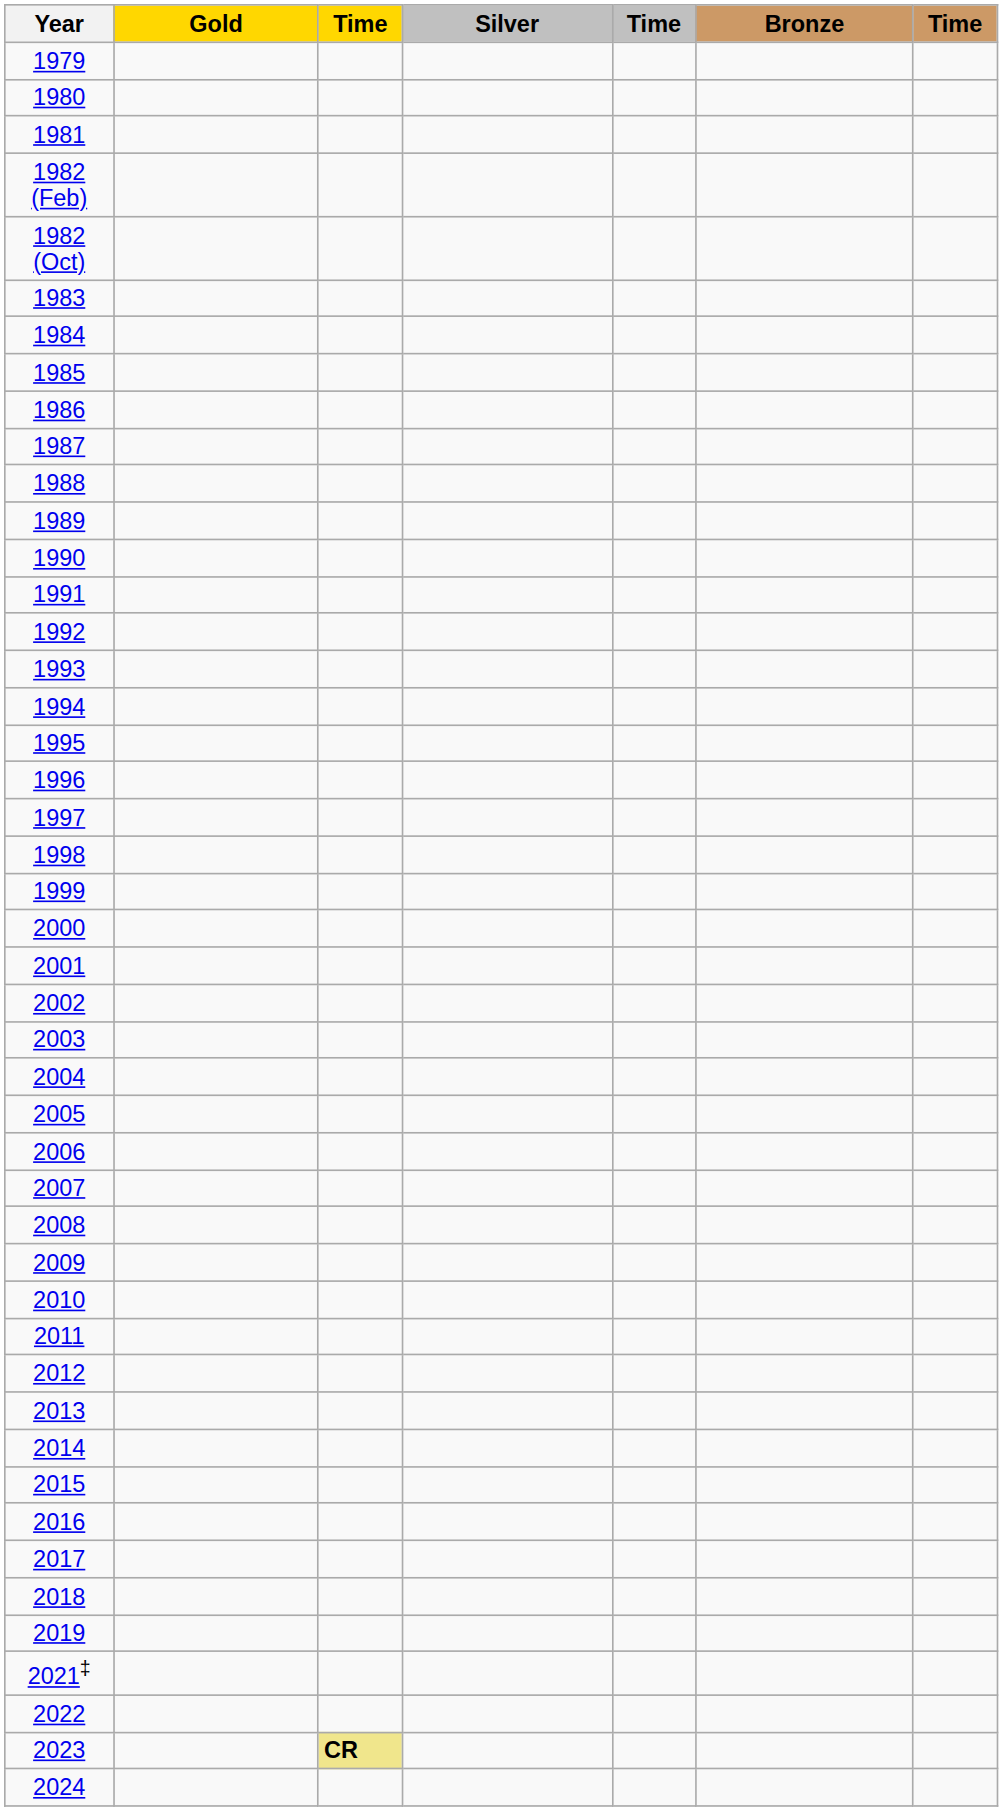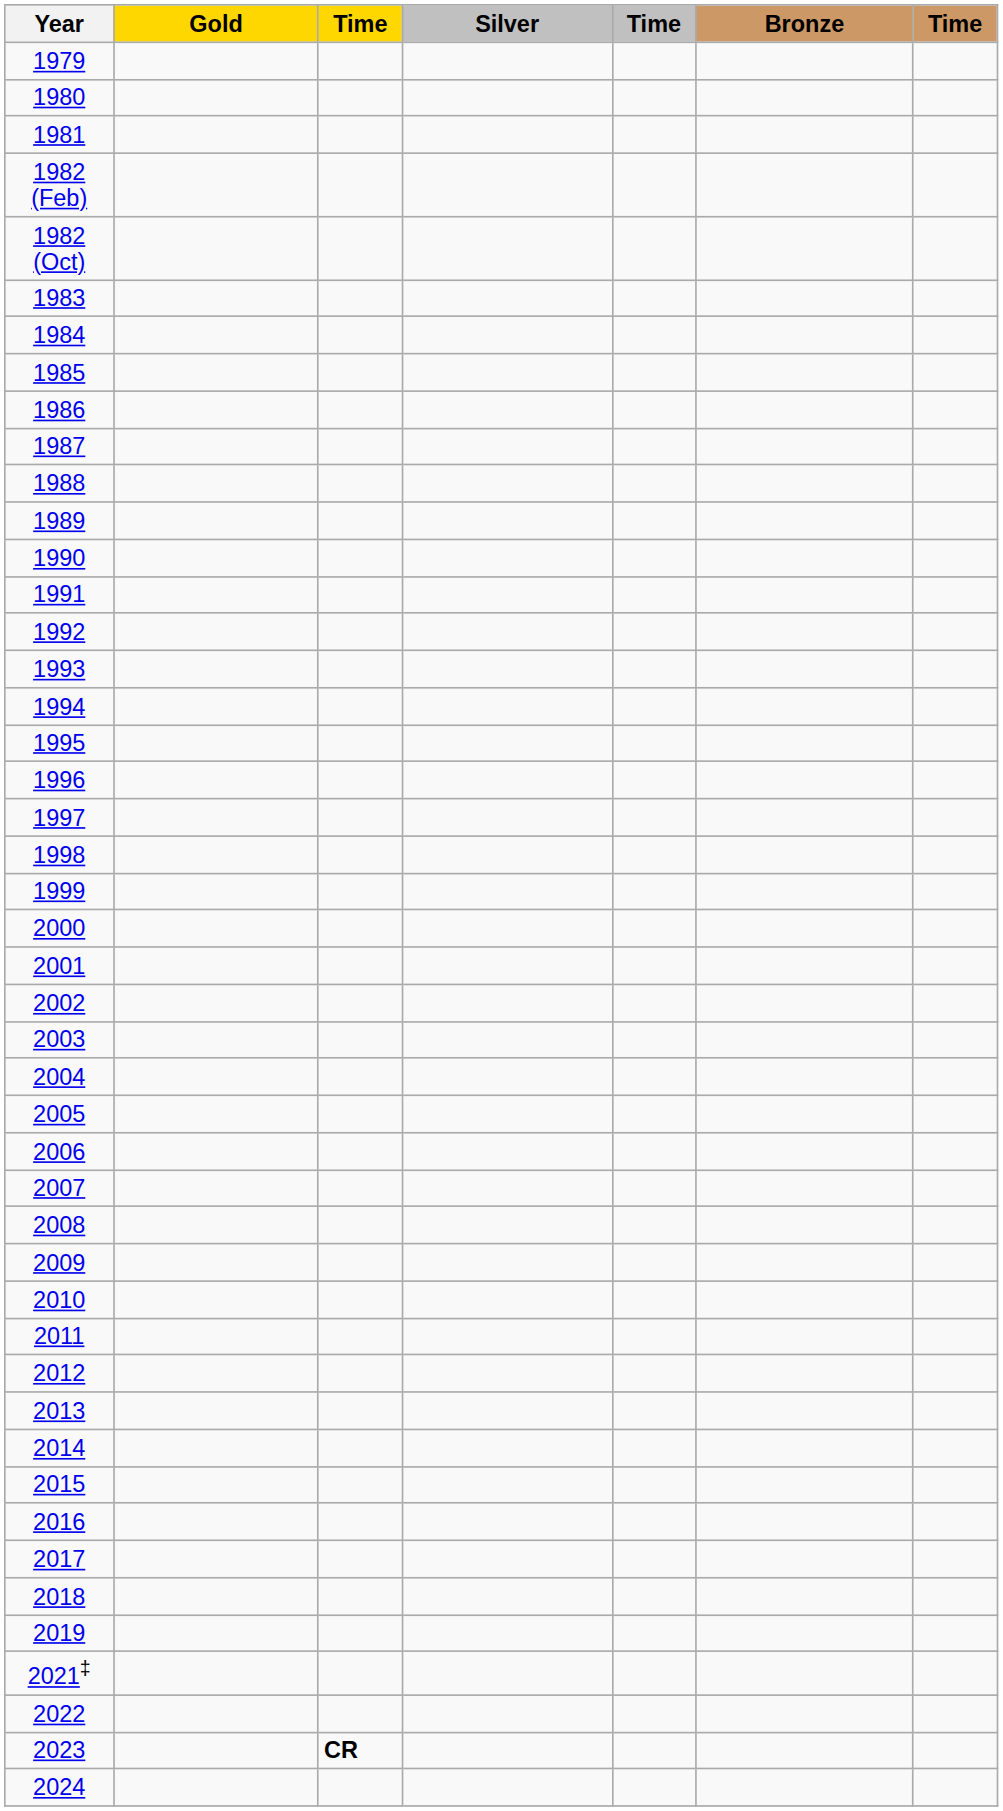 <table class="wikitable sortable" style="font-size:90%">
 <tr>
 <th width="80">Year</th>
 <th width="200" style="background-color:gold">Gold</th>
 <th width="55"  style="background-color:gold">Time</th>
 <th width="200" style="background-color:silver">Silver</th>
 <th width="55"  style="background-color:silver">Time</th>
 <th width="200" style="background-color:#cc9966">Bronze</th>
 <th width="55"  style="background-color:#cc9966">Time</th>
 </tr>
 <tr>
 <td align="center"><a href='#'>1979</a></td>
 <td></td>
 <td></td>
 <td></td>
 <td></td>
 <td></td>
 <td></td>
 </tr>
 <tr>
 <td align="center"><a href='#'>1980</a></td>
 <td></td>
 <td></td>
 <td></td>
 <td></td>
 <td></td>
 <td></td>
 </tr>
 <tr>
 <td align="center"><a href='#'>1981</a></td>
 <td></td>
 <td></td>
 <td></td>
 <td></td>
 <td></td>
 <td></td>
 </tr>
 <tr>
 <td align="center"><a href='#'>1982 (Feb)</a></td>
 <td></td>
 <td></td>
 <td></td>
 <td></td>
 <td><br></td>
 <td></td>
 </tr>
 <tr>
 <td align="center"><a href='#'>1982 (Oct)</a></td>
 <td></td>
 <td></td>
 <td></td>
 <td></td>
 <td></td>
 <td></td>
 </tr>
 <tr>
 <td align="center"><a href='#'>1983</a></td>
 <td></td>
 <td></td>
 <td></td>
 <td></td>
 <td></td>
 <td></td>
 </tr>
 <tr>
 <td align="center"><a href='#'>1984</a></td>
 <td></td>
 <td></td>
 <td></td>
 <td></td>
 <td></td>
 <td></td>
 </tr>
 <tr>
 <td align="center"><a href='#'>1985</a></td>
 <td></td>
 <td></td>
 <td></td>
 <td></td>
 <td></td>
 <td></td>
 </tr>
 <tr>
 <td align="center"><a href='#'>1986</a></td>
 <td></td>
 <td></td>
 <td></td>
 <td></td>
 <td></td>
 <td></td>
 </tr>
 <tr>
 <td align="center"><a href='#'>1987</a></td>
 <td></td>
 <td></td>
 <td></td>
 <td></td>
 <td></td>
 <td></td>
 </tr>
 <tr>
 <td align="center"><a href='#'>1988</a></td>
 <td></td>
 <td></td>
 <td></td>
 <td></td>
 <td></td>
 <td></td>
 </tr>
 <tr>
 <td align="center"><a href='#'>1989</a></td>
 <td></td>
 <td></td>
 <td></td>
 <td></td>
 <td></td>
 <td></td>
 </tr>
 <tr>
 <td align="center"><a href='#'>1990</a></td>
 <td></td>
 <td></td>
 <td></td>
 <td></td>
 <td></td>
 <td></td>
 </tr>
 <tr>
 <td align="center"><a href='#'>1991</a></td>
 <td></td>
 <td></td>
 <td></td>
 <td></td>
 <td></td>
 <td></td>
 </tr>
 <tr>
 <td align="center"><a href='#'>1992</a></td>
 <td></td>
 <td></td>
 <td></td>
 <td></td>
 <td></td>
 <td></td>
 </tr>
 <tr>
 <td align="center"><a href='#'>1993</a></td>
 <td></td>
 <td></td>
 <td></td>
 <td></td>
 <td></td>
 <td></td>
 </tr>
 <tr>
 <td align="center"><a href='#'>1994</a></td>
 <td></td>
 <td></td>
 <td></td>
 <td></td>
 <td></td>
 <td></td>
 </tr>
 <tr>
 <td align="center"><a href='#'>1995</a></td>
 <td></td>
 <td></td>
 <td></td>
 <td></td>
 <td></td>
 <td></td>
 </tr>
 <tr>
 <td align="center"><a href='#'>1996</a></td>
 <td></td>
 <td></td>
 <td></td>
 <td></td>
 <td></td>
 <td></td>
 </tr>
 <tr>
 <td align="center"><a href='#'>1997</a></td>
 <td></td>
 <td></td>
 <td></td>
 <td></td>
 <td></td>
 <td></td>
 </tr>
 <tr>
 <td align="center"><a href='#'>1998</a></td>
 <td></td>
 <td></td>
 <td></td>
 <td></td>
 <td></td>
 <td></td>
 </tr>
 <tr>
 <td align="center"><a href='#'>1999</a></td>
 <td></td>
 <td></td>
 <td></td>
 <td></td>
 <td></td>
 <td></td>
 </tr>
 <tr>
 <td align="center"><a href='#'>2000</a></td>
 <td></td>
 <td></td>
 <td></td>
 <td></td>
 <td></td>
 <td></td>
 </tr>
 <tr>
 <td align="center"><a href='#'>2001</a></td>
 <td></td>
 <td></td>
 <td></td>
 <td></td>
 <td></td>
 <td></td>
 </tr>
 <tr>
 <td align="center"><a href='#'>2002</a></td>
 <td></td>
 <td></td>
 <td></td>
 <td></td>
 <td></td>
 <td></td>
 </tr>
 <tr>
 <td align="center"><a href='#'>2003</a></td>
 <td></td>
 <td></td>
 <td></td>
 <td></td>
 <td></td>
 <td></td>
 </tr>
 <tr>
 <td align="center"><a href='#'>2004</a></td>
 <td></td>
 <td></td>
 <td></td>
 <td></td>
 <td></td>
 <td></td>
 </tr>
 <tr>
 <td align="center"><a href='#'>2005</a></td>
 <td></td>
 <td></td>
 <td></td>
 <td></td>
 <td></td>
 <td></td>
 </tr>
 <tr>
 <td align="center"><a href='#'>2006</a></td>
 <td></td>
 <td></td>
 <td></td>
 <td></td>
 <td></td>
 <td></td>
 </tr>
 <tr>
 <td align="center"><a href='#'>2007</a></td>
 <td></td>
 <td></td>
 <td></td>
 <td></td>
 <td></td>
 <td></td>
 </tr>
 <tr>
 <td align="center"><a href='#'>2008</a></td>
 <td></td>
 <td></td>
 <td></td>
 <td></td>
 <td></td>
 <td></td>
 </tr>
 <tr>
 <td align="center"><a href='#'>2009</a></td>
 <td></td>
 <td></td>
 <td></td>
 <td></td>
 <td></td>
 <td></td>
 </tr>
 <tr>
 <td align="center"><a href='#'>2010</a></td>
 <td></td>
 <td></td>
 <td></td>
 <td></td>
 <td></td>
 <td></td>
 </tr>
 <tr>
 <td align="center"><a href='#'>2011</a></td>
 <td></td>
 <td></td>
 <td></td>
 <td></td>
 <td></td>
 <td></td>
 </tr>
 <tr>
 <td align="center"><a href='#'>2012</a></td>
 <td></td>
 <td></td>
 <td></td>
 <td></td>
 <td></td>
 <td></td>
 </tr>
 <tr>
 <td align="center"><a href='#'>2013</a></td>
 <td></td>
 <td></td>
 <td></td>
 <td></td>
 <td></td>
 <td></td>
 </tr>
 <tr>
 <td align="center"><a href='#'>2014</a></td>
 <td></td>
 <td></td>
 <td></td>
 <td></td>
 <td></td>
 <td></td>
 </tr>
 <tr>
 <td align="center"><a href='#'>2015</a></td>
 <td></td>
 <td></td>
 <td></td>
 <td></td>
 <td></td>
 <td></td>
 </tr>
 <tr>
 <td align="center"><a href='#'>2016</a></td>
 <td></td>
 <td></td>
 <td></td>
 <td></td>
 <td></td>
 <td></td>
 </tr>
 <tr>
 <td align="center"><a href='#'>2017</a></td>
 <td></td>
 <td></td>
 <td></td>
 <td></td>
 <td></td>
 <td></td>
 </tr>
 <tr>
 <td align="center"><a href='#'>2018</a></td>
 <td></td>
 <td></td>
 <td></td>
 <td></td>
 <td></td>
 <td></td>
 </tr>
 <tr>
 <td align="center"><a href='#'>2019</a></td>
 <td></td>
 <td></td>
 <td></td>
 <td></td>
 <td></td>
 <td></td>
 </tr>
 <tr>
 <td align="center"><a href='#'>2021</a><sup>‡</sup></td>
 <td></td>
 <td></td>
 <td></td>
 <td></td>
 <td></td>
 <td></td>
 </tr>
 <tr>
 <td align="center"><a href='#'>2022</a></td>
 <td></td>
 <td></td>
 <td></td>
 <td></td>
 <td></td>
 <td></td>
 </tr>
 <tr>
 <td align="center"><a href='#'>2023</a></td>
 <td></td>
-<td style="background: khaki;"> <strong>CR</strong></td>
+<td> <strong>CR</strong></td>
 <td></td>
 <td></td>
 <td></td>
 <td></td>
 </tr>
 <tr>
 <td align="center"><a href='#'>2024</a></td>
 <td></td>
 <td></td>
 <td></td>
 <td></td>
 <td></td>
 <td></td>
 </tr>
 </table>
